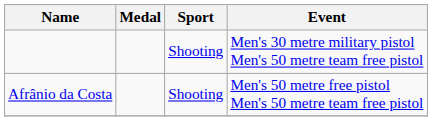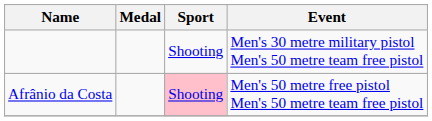 <table class="wikitable sortable" style="font-size:90%">
 <tr>
 <th>Name</th>
 <th>Medal</th>
 <th>Sport</th>
 <th>Event</th>
 </tr>
 <tr>
 <td></td>
 <td><br></td>
 <td><a href='#'>Shooting</a></td>
 <td><a href='#'>Men's 30 metre military pistol</a><br><a href='#'>Men's 50 metre team free pistol</a></td>
 </tr>
 <tr>
 <td><a href='#'>Afrânio da Costa</a></td>
 <td><br></td>
-<td><a href='#'>Shooting</a></td>
+<td style="background: pink;"><a href='#'>Shooting</a></td>
 <td><a href='#'>Men's 50 metre free pistol</a><br><a href='#'>Men's 50 metre team free pistol</a></td>
 </tr>
 <tr>
 </tr>
 </table>
